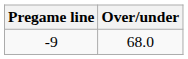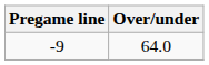 <table class="wikitable" style="margin-left: auto; margin-right: auto; border: none; display: inline-table;">
 <tr align="center">
 <th style=>Pregame line</th>
 <th style=>Over/under</th>
 </tr>
 <tr align="center">
 <td>-9</td>
-<td>68.0</td>
+<td>64.0</td>
 </tr>
 </table>
